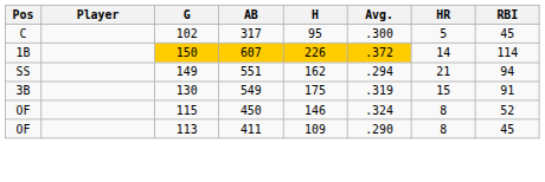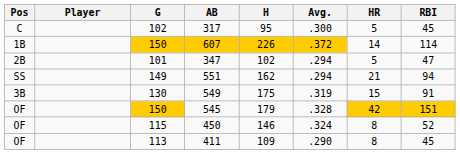 <table class="wikitable sortable">
 <tr>
 <th bgcolor="#DDDDFF" width="5%">Pos</th>
 <th bgcolor="#DDDDFF" width="16%">Player</th>
 <th bgcolor="#DDDDFF" width="9%">G</th>
 <th bgcolor="#DDDDFF" width="9%">AB</th>
 <th bgcolor="#DDDDFF" width="9%">H</th>
 <th bgcolor="#DDDDFF" width="9%">Avg.</th>
 <th bgcolor="#DDDDFF" width="9%">HR</th>
 <th bgcolor="#DDDDFF" width="9%">RBI</th>
 </tr>
 <tr align="center">
 <td>C</td>
 <td></td>
 <td>102</td>
 <td>317</td>
 <td>95</td>
 <td>.300</td>
 <td>5</td>
 <td>45</td>
 </tr>
 <tr align="center">
 <td>1B</td>
 <td></td>
 <td style="background:#fc0;">150</td>
 <td style="background:#fc0;">607</td>
 <td style="background:#fc0;">226</td>
 <td style="background:#fc0;">.372</td>
 <td>14</td>
 <td>114</td>
 </tr>
 <tr align="center">
+<td>2B</td>
+<td></td>
+<td>101</td>
+<td>347</td>
+<td>102</td>
+<td>.294</td>
+<td>5</td>
+<td>47</td>
+</tr>
+<tr align="center">
 <td>SS</td>
 <td></td>
 <td>149</td>
 <td>551</td>
 <td>162</td>
 <td>.294</td>
 <td>21</td>
 <td>94</td>
 </tr>
 <tr align="center">
 <td>3B</td>
 <td></td>
 <td>130</td>
 <td>549</td>
 <td>175</td>
 <td>.319</td>
 <td>15</td>
 <td>91</td>
 </tr>
 <tr align="center">
 <td>OF</td>
 <td></td>
+<td style="background:#fc0;">150</td>
+<td>545</td>
+<td>179</td>
+<td>.328</td>
+<td style="background:#fc0;">42</td>
+<td style="background:#fc0;">151</td>
+</tr>
+<tr align="center">
+<td>OF</td>
+<td></td>
 <td>115</td>
 <td>450</td>
 <td>146</td>
 <td>.324</td>
 <td>8</td>
 <td>52</td>
 </tr>
 <tr align="center">
 <td>OF</td>
 <td></td>
 <td>113</td>
 <td>411</td>
 <td>109</td>
 <td>.290</td>
 <td>8</td>
 <td>45</td>
 </tr>
 </table>
